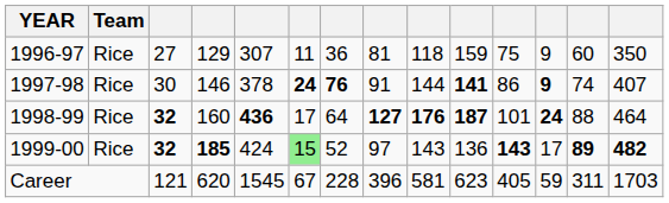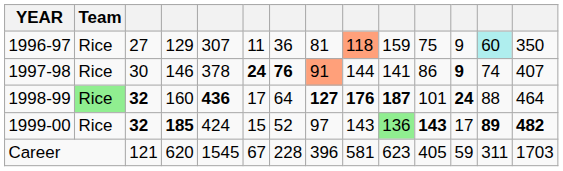 <table class="wikitable" id="Brumfieldtotals">
 <tr>
 <th>YEAR</th>
 <th>Team</th>
 <th></th>
 <th></th>
 <th></th>
 <th></th>
 <th></th>
 <th></th>
 <th></th>
 <th></th>
 <th></th>
 <th></th>
 <th></th>
 <th></th>
 </tr>
 <tr>
 <td>1996-97</td>
 <td>Rice</td>
 <td>27</td>
 <td>129</td>
 <td>307</td>
 <td>11</td>
 <td>36</td>
 <td>81</td>
-<td>118</td>
+<td style="background: lightsalmon;">118</td>
 <td>159</td>
 <td>75</td>
 <td>9</td>
-<td>60</td>
+<td style="background: paleturquoise;">60</td>
 <td>350</td>
 </tr>
 <tr>
 <td>1997-98</td>
 <td>Rice</td>
 <td>30</td>
 <td>146</td>
 <td>378</td>
 <td><strong>24</strong></td>
 <td><strong>76</strong></td>
-<td>91</td>
+<td style="background: lightsalmon;">91</td>
 <td>144</td>
-<td><strong>141</strong></td>
+<td>141</td>
 <td>86</td>
 <td><strong>9</strong></td>
 <td>74</td>
 <td>407</td>
 </tr>
 <tr>
 <td>1998-99</td>
-<td>Rice</td>
+<td style="background: lightgreen;">Rice</td>
 <td><strong>32</strong></td>
 <td>160</td>
 <td><strong>436</strong></td>
 <td>17</td>
 <td>64</td>
 <td><strong>127</strong></td>
 <td><strong>176</strong></td>
 <td><strong>187</strong></td>
 <td>101</td>
 <td><strong>24</strong></td>
 <td>88</td>
 <td>464</td>
 </tr>
 <tr>
 <td>1999-00</td>
 <td>Rice</td>
 <td><strong>32</strong></td>
 <td><strong>185</strong></td>
 <td>424</td>
-<td style="background: lightgreen;">15</td>
+<td>15</td>
 <td>52</td>
 <td>97</td>
 <td>143</td>
-<td>136</td>
+<td style="background: lightgreen;">136</td>
 <td><strong>143</strong></td>
 <td>17</td>
 <td><strong>89</strong></td>
 <td><strong>482</strong></td>
 </tr>
 <tr>
 <td colspan="2">Career</td>
 <td>121</td>
 <td>620</td>
 <td>1545</td>
 <td>67</td>
 <td>228</td>
 <td>396</td>
 <td>581</td>
 <td>623</td>
 <td>405</td>
 <td>59</td>
 <td>311</td>
 <td>1703</td>
 </tr>
 </table>
